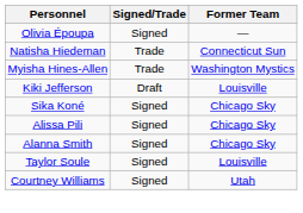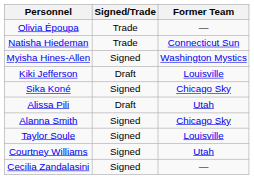 <table class="wikitable" style="text-align: center">
 <tr align="center" bgcolor="#dddddd">
 <th><strong>Personnel</strong></th>
 <th><strong>Signed/Trade</strong></th>
 <th><strong>Former Team</strong></th>
 </tr>
 <tr>
 <td><a href='#'>Olivia Époupa</a></td>
-<td>Signed</td>
+<td>Trade</td>
 <td>—</td>
 </tr>
 <tr>
 <td><a href='#'>Natisha Hiedeman</a></td>
 <td>Trade</td>
 <td><a href='#'>Connecticut Sun</a></td>
 </tr>
 <tr>
 <td><a href='#'>Myisha Hines-Allen</a></td>
-<td>Trade</td>
+<td>Signed</td>
 <td><a href='#'>Washington Mystics</a></td>
 </tr>
 <tr>
 <td><a href='#'>Kiki Jefferson</a></td>
 <td>Draft</td>
 <td><a href='#'>Louisville</a></td>
 </tr>
 <tr>
 <td><a href='#'>Sika Koné</a></td>
 <td>Signed</td>
 <td><a href='#'>Chicago Sky</a></td>
 </tr>
 <tr>
 <td><a href='#'>Alissa Pili</a></td>
-<td>Signed</td>
-<td><a href='#'>Chicago Sky</a></td>
+<td>Draft</td>
+<td><a href='#'>Utah</a></td>
 </tr>
 <tr>
 <td><a href='#'>Alanna Smith</a></td>
 <td>Signed</td>
 <td><a href='#'>Chicago Sky</a></td>
 </tr>
 <tr>
 <td><a href='#'>Taylor Soule</a></td>
 <td>Signed</td>
 <td><a href='#'>Louisville</a></td>
 </tr>
 <tr>
 <td><a href='#'>Courtney Williams</a></td>
 <td>Signed</td>
 <td><a href='#'>Utah</a></td>
 </tr>
+<tr>
+<td><a href='#'>Cecilia Zandalasini</a></td>
+<td>Signed</td>
+<td>—</td>
+</tr>
 </table>
